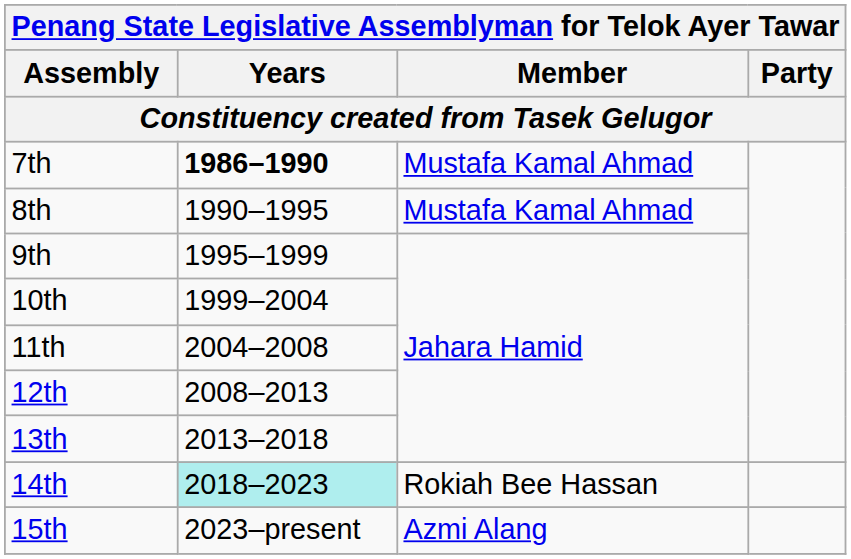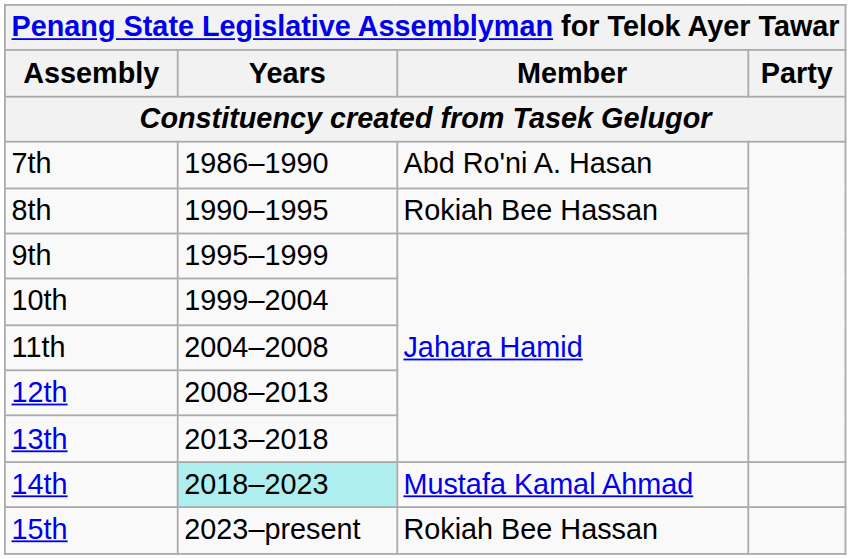 <table class="wikitable">
 <tr>
 <th colspan="4"><a href='#'>Penang State Legislative Assemblyman</a> for Telok Ayer Tawar</th>
 </tr>
 <tr>
 <th>Assembly</th>
 <th>Years</th>
 <th>Member</th>
 <th>Party</th>
 </tr>
 <tr>
 <th colspan="4" align="center"><em>Constituency created from Tasek Gelugor</em></th>
 </tr>
 <tr>
 <td>7th</td>
-<td><strong>1986–1990</strong></td>
-<td><a href='#'>Mustafa Kamal Ahmad</a></td>
+<td>1986–1990</td>
+<td>Abd Ro'ni A. Hasan</td>
 <td rowspan="7"></td>
 </tr>
 <tr>
 <td>8th</td>
 <td>1990–1995</td>
-<td><a href='#'>Mustafa Kamal Ahmad</a></td>
+<td>Rokiah Bee Hassan</td>
 </tr>
 <tr>
 <td>9th</td>
 <td>1995–1999</td>
 <td rowspan="5"><a href='#'>Jahara Hamid</a></td>
 </tr>
 <tr>
 <td>10th</td>
 <td>1999–2004</td>
 </tr>
 <tr>
 <td>11th</td>
 <td>2004–2008</td>
 </tr>
 <tr>
 <td><a href='#'>12th</a></td>
 <td>2008–2013</td>
 </tr>
 <tr>
 <td><a href='#'>13th</a></td>
 <td>2013–2018</td>
 </tr>
 <tr>
 <td><a href='#'>14th</a></td>
 <td style="background: paleturquoise;">2018–2023</td>
-<td>Rokiah Bee Hassan</td>
+<td><a href='#'>Mustafa Kamal Ahmad</a></td>
 <td></td>
 </tr>
 <tr>
 <td><a href='#'>15th</a></td>
 <td>2023–present</td>
-<td><a href='#'>Azmi Alang</a></td>
+<td>Rokiah Bee Hassan</td>
 <td></td>
 </tr>
 </table>
